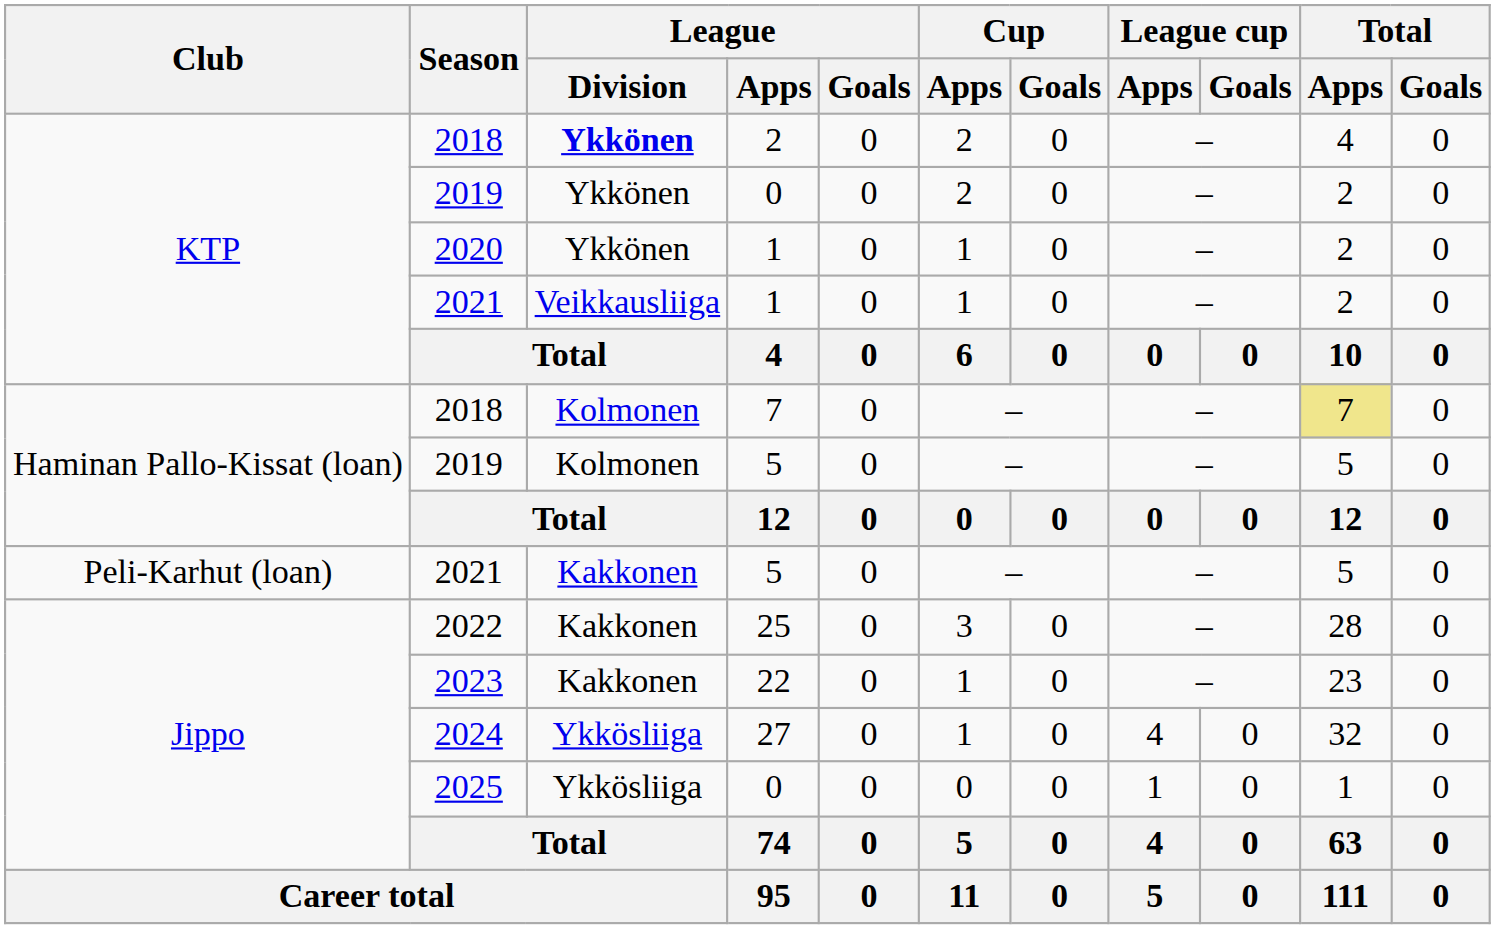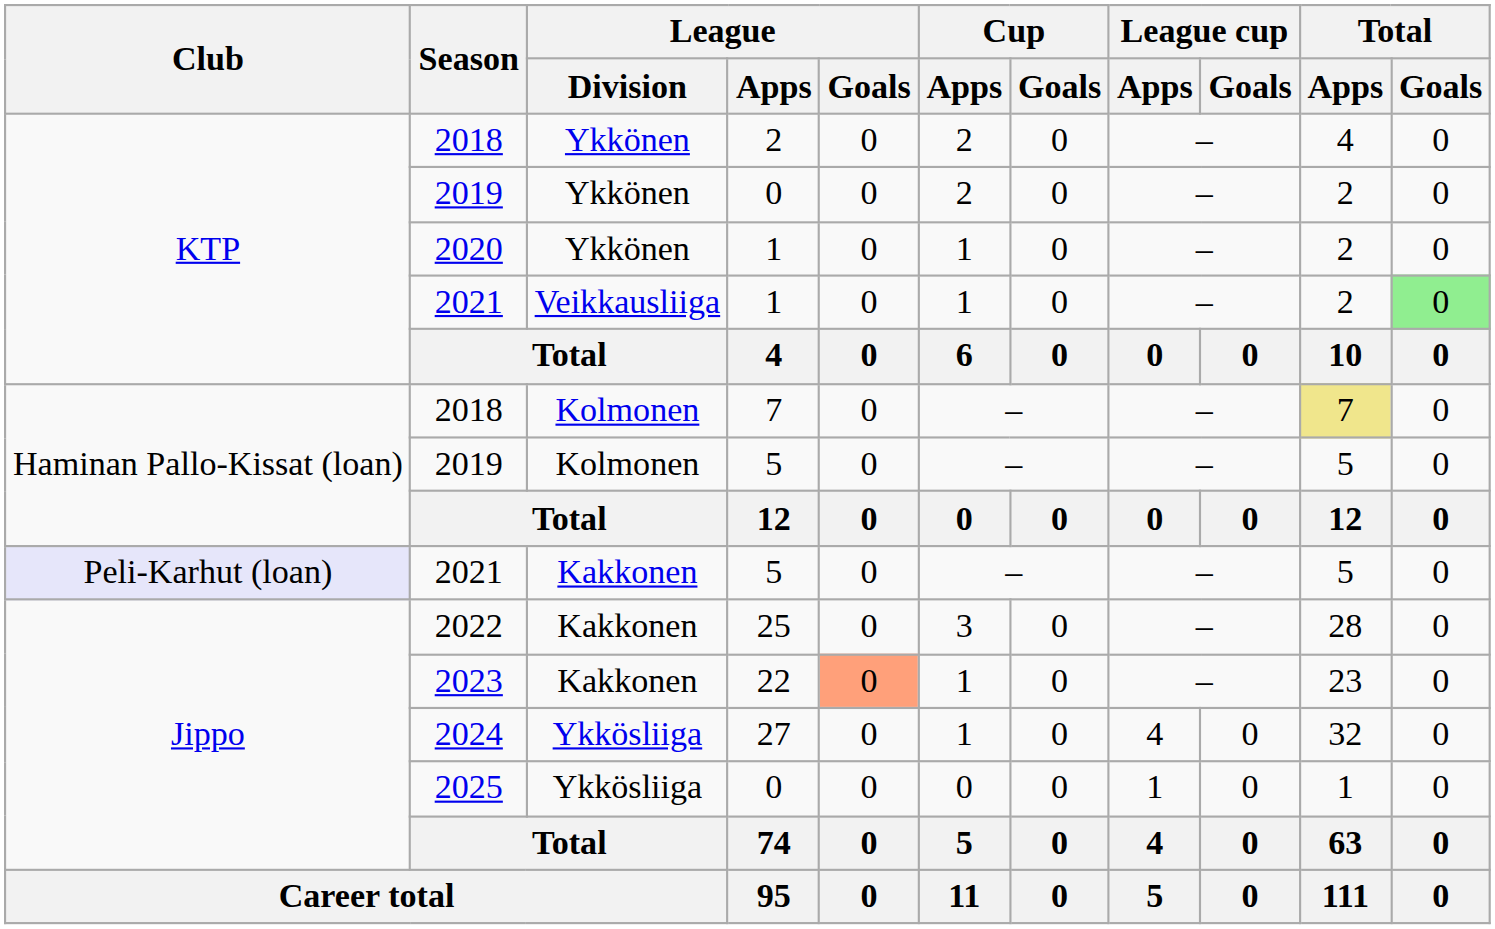 <table class="wikitable" style="text-align:center">
 <tr>
 <th rowspan="2">Club</th>
 <th rowspan="2">Season</th>
 <th colspan="3">League</th>
 <th colspan="2">Cup</th>
 <th colspan="2">League cup</th>
 <th colspan="2">Total</th>
 </tr>
 <tr>
 <th>Division</th>
 <th>Apps</th>
 <th>Goals</th>
 <th>Apps</th>
 <th>Goals</th>
 <th>Apps</th>
 <th>Goals</th>
 <th>Apps</th>
 <th>Goals</th>
 </tr>
 <tr>
 <td rowspan=5><a href='#'>KTP</a></td>
 <td><a href='#'>2018</a></td>
-<td><strong><a href='#'>Ykkönen</a></strong></td>
+<td><a href='#'>Ykkönen</a></td>
 <td>2</td>
 <td>0</td>
 <td>2</td>
 <td>0</td>
 <td colspan=2>–</td>
 <td>4</td>
 <td>0</td>
 </tr>
 <tr>
 <td><a href='#'>2019</a></td>
 <td>Ykkönen</td>
 <td>0</td>
 <td>0</td>
 <td>2</td>
 <td>0</td>
 <td colspan=2>–</td>
 <td>2</td>
 <td>0</td>
 </tr>
 <tr>
 <td><a href='#'>2020</a></td>
 <td>Ykkönen</td>
 <td>1</td>
 <td>0</td>
 <td>1</td>
 <td>0</td>
 <td colspan=2>–</td>
 <td>2</td>
 <td>0</td>
 </tr>
 <tr>
 <td><a href='#'>2021</a></td>
 <td><a href='#'>Veikkausliiga</a></td>
 <td>1</td>
 <td>0</td>
 <td>1</td>
 <td>0</td>
 <td colspan=2>–</td>
 <td>2</td>
-<td>0</td>
+<td style="background: lightgreen;">0</td>
 </tr>
 <tr>
 <th colspan=2>Total</th>
 <th>4</th>
 <th>0</th>
 <th>6</th>
 <th>0</th>
 <th>0</th>
 <th>0</th>
 <th>10</th>
 <th>0</th>
 </tr>
 <tr>
 <td rowspan=3>Haminan Pallo-Kissat (loan)</td>
 <td>2018</td>
 <td><a href='#'>Kolmonen</a></td>
 <td>7</td>
 <td>0</td>
 <td colspan=2>–</td>
 <td colspan=2>–</td>
 <td style="background: khaki;">7</td>
 <td>0</td>
 </tr>
 <tr>
 <td>2019</td>
 <td>Kolmonen</td>
 <td>5</td>
 <td>0</td>
 <td colspan=2>–</td>
 <td colspan=2>–</td>
 <td>5</td>
 <td>0</td>
 </tr>
 <tr>
 <th colspan=2>Total</th>
 <th>12</th>
 <th>0</th>
 <th>0</th>
 <th>0</th>
 <th>0</th>
 <th>0</th>
 <th>12</th>
 <th>0</th>
 </tr>
 <tr>
-<td>Peli-Karhut (loan)</td>
+<td style="background: lavender;">Peli-Karhut (loan)</td>
 <td>2021</td>
 <td><a href='#'>Kakkonen</a></td>
 <td>5</td>
 <td>0</td>
 <td colspan=2>–</td>
 <td colspan=2>–</td>
 <td>5</td>
 <td>0</td>
 </tr>
 <tr>
 <td rowspan=5><a href='#'>Jippo</a></td>
 <td>2022</td>
 <td>Kakkonen</td>
 <td>25</td>
 <td>0</td>
 <td>3</td>
 <td>0</td>
 <td colspan=2>–</td>
 <td>28</td>
 <td>0</td>
 </tr>
 <tr>
 <td><a href='#'>2023</a></td>
 <td>Kakkonen</td>
 <td>22</td>
-<td>0</td>
+<td style="background: lightsalmon;">0</td>
 <td>1</td>
 <td>0</td>
 <td colspan=2>–</td>
 <td>23</td>
 <td>0</td>
 </tr>
 <tr>
 <td><a href='#'>2024</a></td>
 <td><a href='#'>Ykkösliiga</a></td>
 <td>27</td>
 <td>0</td>
 <td>1</td>
 <td>0</td>
 <td>4</td>
 <td>0</td>
 <td>32</td>
 <td>0</td>
 </tr>
 <tr>
 <td><a href='#'>2025</a></td>
 <td>Ykkösliiga</td>
 <td>0</td>
 <td>0</td>
 <td>0</td>
 <td>0</td>
 <td>1</td>
 <td>0</td>
 <td>1</td>
 <td>0</td>
 </tr>
 <tr>
 <th colspan=2>Total</th>
 <th>74</th>
 <th>0</th>
 <th>5</th>
 <th>0</th>
 <th>4</th>
 <th>0</th>
 <th>63</th>
 <th>0</th>
 </tr>
 <tr>
 <th colspan="3">Career total</th>
 <th>95</th>
 <th>0</th>
 <th>11</th>
 <th>0</th>
 <th>5</th>
 <th>0</th>
 <th>111</th>
 <th>0</th>
 </tr>
 </table>
